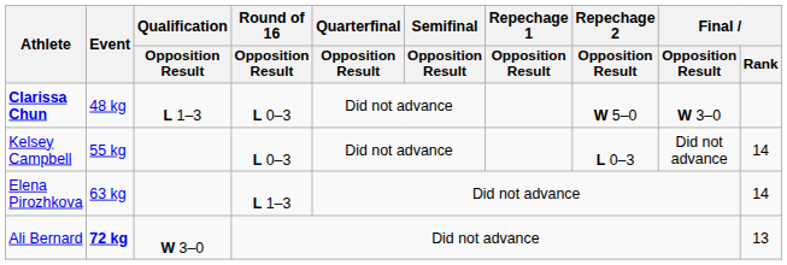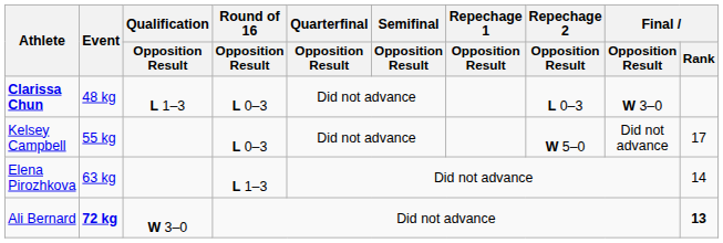 <table class=wikitable style=font-size:90%;text-align:center>
 <tr>
 <th rowspan=2>Athlete</th>
 <th rowspan=2>Event</th>
 <th>Qualification</th>
 <th>Round of 16</th>
 <th>Quarterfinal</th>
 <th>Semifinal</th>
 <th>Repechage 1</th>
 <th>Repechage 2</th>
 <th colspan=2>Final / </th>
 </tr>
 <tr style="font-size:95%">
 <th>Opposition<br>Result</th>
 <th>Opposition<br>Result</th>
 <th>Opposition<br>Result</th>
 <th>Opposition<br>Result</th>
 <th>Opposition<br>Result</th>
 <th>Opposition<br>Result</th>
 <th>Opposition<br>Result</th>
 <th>Rank</th>
 </tr>
 <tr>
 <td align=left><strong><a href='#'>Clarissa Chun</a></strong></td>
 <td align=left><a href='#'>48 kg</a></td>
 <td><br><strong>L</strong> 1–3 <sup></sup></td>
 <td><br><strong>L</strong> 0–3 <sup></sup></td>
 <td colspan=2>Did not advance</td>
 <td></td>
-<td><br><strong>W</strong> 5–0 <sup></sup></td>
+<td><br><strong>L</strong> 0–3 <sup></sup></td>
 <td><br><strong>W</strong> 3–0 <sup></sup></td>
 <td></td>
 </tr>
 <tr>
 <td align=left><a href='#'>Kelsey Campbell</a></td>
 <td align=left><a href='#'>55 kg</a></td>
 <td></td>
 <td><br><strong>L</strong> 0–3 <sup></sup></td>
 <td colspan=2>Did not advance</td>
 <td></td>
-<td><br><strong>L</strong> 0–3 <sup></sup></td>
+<td><br><strong>W</strong> 5–0 <sup></sup></td>
 <td>Did not advance</td>
-<td>14</td>
+<td>17</td>
 </tr>
 <tr>
 <td align=left><a href='#'>Elena Pirozhkova</a></td>
 <td align=left><a href='#'>63 kg</a></td>
 <td></td>
 <td><br><strong>L</strong> 1–3 <sup></sup></td>
 <td colspan=5>Did not advance</td>
 <td>14</td>
 </tr>
 <tr>
 <td align=left><a href='#'>Ali Bernard</a></td>
 <td align=left><strong><a href='#'>72 kg</a></strong></td>
 <td><br><strong>W</strong> 3–0 <sup></sup></td>
 <td colspan=6>Did not advance</td>
-<td>13</td>
+<td><strong>13</strong></td>
 </tr>
 </table>
